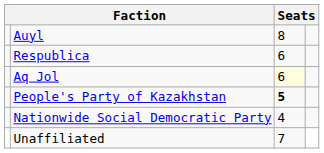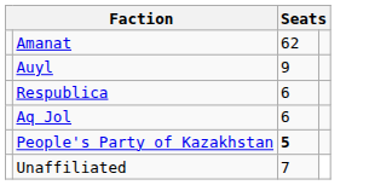 <table class="wikitable">
 <tr>
 <th colspan="2">Faction</th>
 <th colspan="2">Seats</th>
 </tr>
 <tr>
 <td style="background-color:"></td>
+<td><a href='#'>Amanat</a></td>
+<td>62</td>
+<td style="background-color:"></td>
+</tr>
+<tr>
+<td style="background-color:"></td>
 <td><a href='#'>Auyl</a></td>
-<td>8</td>
+<td>9</td>
 <td style="background-color:"></td>
 </tr>
 <tr>
 <td style="background-color:"></td>
 <td><a href='#'>Respublica</a></td>
 <td>6</td>
 <td style="background-color:"></td>
 </tr>
 <tr>
 <td style="background-color:"></td>
 <td><a href='#'>Aq Jol</a></td>
-<td style="background: lightyellow;">6</td>
+<td>6</td>
 <td style="background-color:"></td>
 </tr>
 <tr>
 <td style="background-color:"></td>
 <td><a href='#'>People's Party of Kazakhstan</a></td>
 <td><strong>5</strong></td>
 <td style="background-color:"></td>
 </tr>
 <tr>
-<td style="background-color:"></td>
-<td><a href='#'>Nationwide Social Democratic Party</a></td>
-<td>4</td>
-<td style="background-color:"></td>
-</tr>
-<tr>
 <td data-darkreader-inline-bgcolor="" style="background-color:white"></td>
 <td>Unaffiliated</td>
 <td>7</td>
 <td data-darkreader-inline-bgcolor="" style="background-color:white"></td>
 </tr>
 </table>
